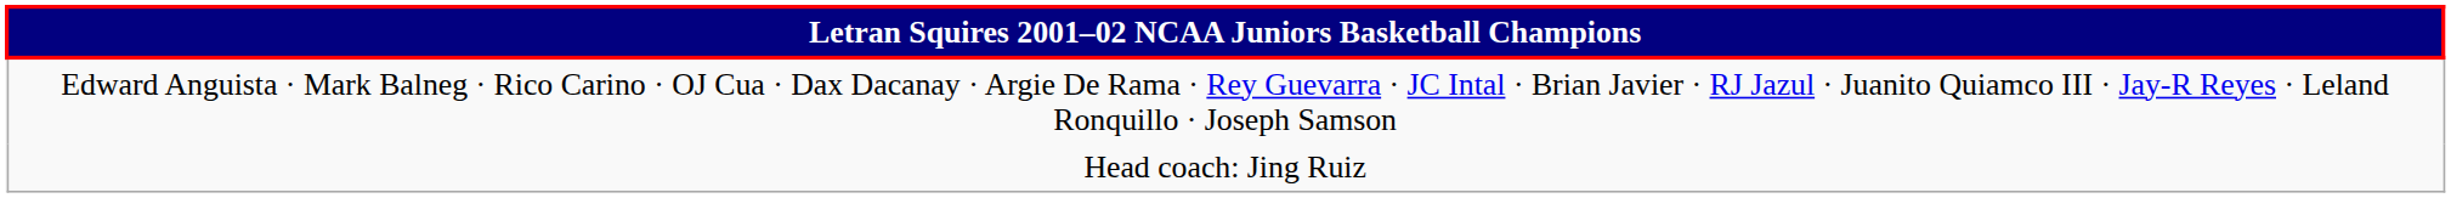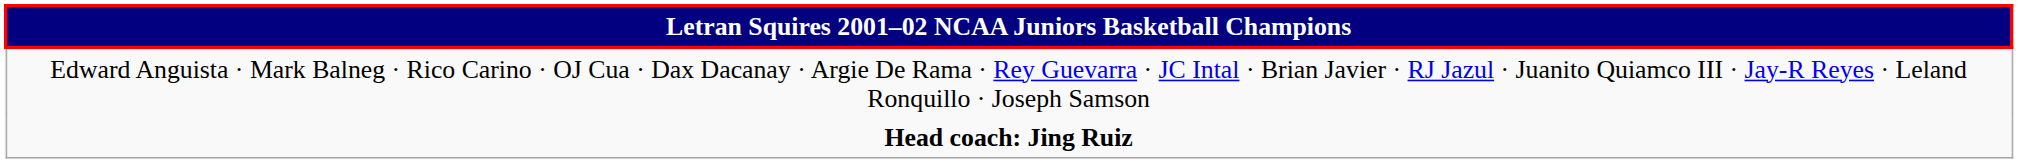 <table class="wikitable" style="text-align: center">
 <tr>
 <th style = "background:#020080; border:2px solid red; color:white">Letran Squires 2001–02 NCAA Juniors Basketball Champions</th>
 </tr>
 <tr>
 <td style="border-style: none none none none;">Edward Anguista · Mark Balneg · Rico Carino · OJ Cua · Dax Dacanay · Argie De Rama · <a href='#'>Rey Guevarra</a> · <a href='#'>JC Intal</a> · Brian Javier · <a href='#'>RJ Jazul</a> · Juanito Quiamco III · <a href='#'>Jay-R Reyes</a> · Leland Ronquillo · Joseph Samson</td>
 </tr>
 <tr>
-<td style="border-style: none none none none;">Head coach: Jing Ruiz</td>
+<td style="border-style: none none none none;"><strong>Head coach: Jing Ruiz</strong></td>
 </tr>
 </table>
